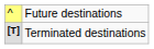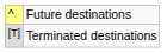 <table class="wikitable">
 <tr>
 <td style="background:#FFFF80">^</td>
 <td>Future destinations</td>
 </tr>
 <tr>
-<td style="background:#ddd;"><strong><sup>[T]</sup></strong></td>
+<td style="background:#ddd;"><sup>[T]</sup></td>
 <td>Terminated destinations</td>
 </tr>
 </table>
